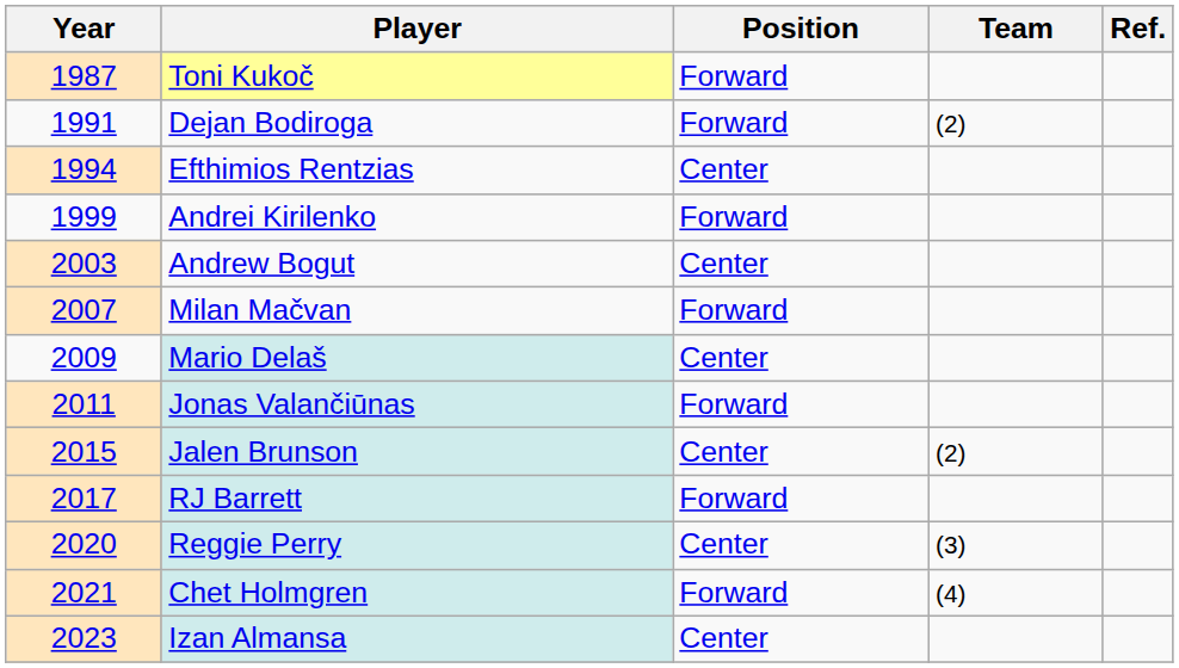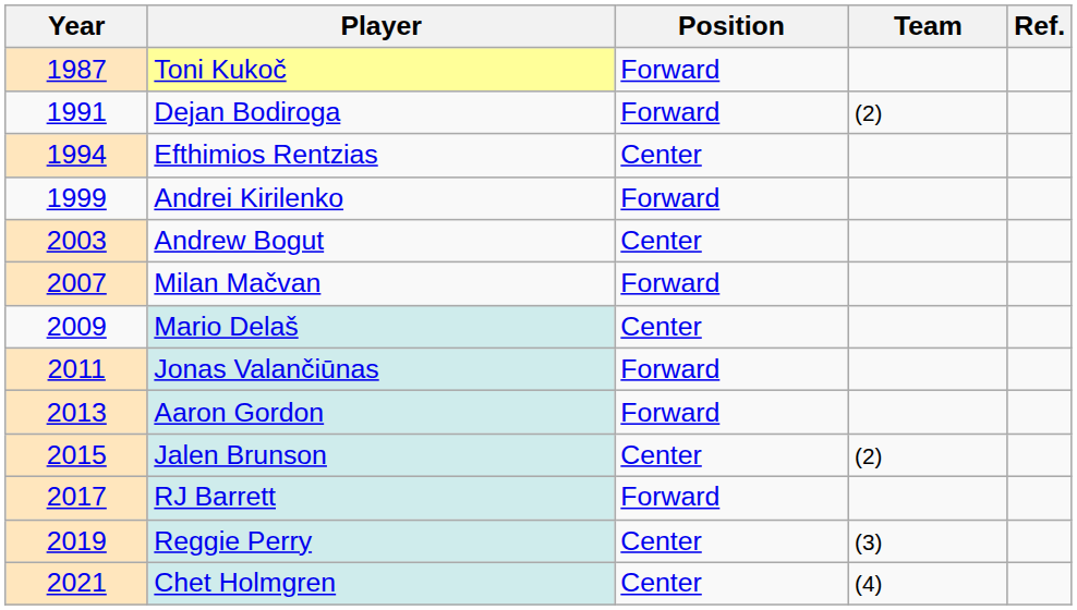 <table class="wikitable plainrowheaders sortable" style="width: 50%; text-align:left" summary="Season (sortable), Player (sortable), Position (sortable), Nationality (sortable) and Team (sortable)">
 <tr>
 <th scope="col">Year</th>
 <th scope="col">Player</th>
 <th scope="col">Position</th>
 <th scope="col">Team</th>
 <th width=5%>Ref.</th>
 </tr>
 <tr>
 <td scope="row" style="background-color:#FFE6BD; text-align: center"><a href='#'>1987</a></td>
 <td scope="row" style="background-color:#FFFF99"><a href='#'>Toni Kukoč</a></td>
 <td><a href='#'>Forward</a></td>
 <td align=left></td>
 <td></td>
 </tr>
 <tr>
 <td scope="row" style="text-align: center"><a href='#'>1991</a></td>
 <td align=left><a href='#'>Dejan Bodiroga</a></td>
 <td><a href='#'>Forward</a></td>
 <td align=left> <small>(2)</small></td>
 <td></td>
 </tr>
 <tr>
 <td scope="row" style="background-color:#FFE6BD; text-align: center"><a href='#'>1994</a></td>
 <td align=left><a href='#'>Efthimios Rentzias</a></td>
 <td><a href='#'>Center</a></td>
 <td align=left></td>
 <td></td>
 </tr>
 <tr>
 <td scope="row" style="text-align: center"><a href='#'>1999</a></td>
 <td align=left><a href='#'>Andrei Kirilenko</a></td>
 <td><a href='#'>Forward</a></td>
 <td align=left></td>
 <td></td>
 </tr>
 <tr>
 <td scope="row" style="background-color:#FFE6BD; text-align: center"><a href='#'>2003</a></td>
 <td align=left><a href='#'>Andrew Bogut</a></td>
 <td><a href='#'>Center</a></td>
 <td align=left></td>
 <td></td>
 </tr>
 <tr>
 <td scope="row" style="background-color:#FFE6BD; text-align: center"><a href='#'>2007</a></td>
 <td align=left><a href='#'>Milan Mačvan</a></td>
 <td><a href='#'>Forward</a></td>
 <td align=left></td>
 <td></td>
 </tr>
 <tr>
 <td scope="row" style="text-align: center"><a href='#'>2009</a></td>
 <td scope="row" style="background-color:#CFECEC"><a href='#'>Mario Delaš</a></td>
 <td><a href='#'>Center</a></td>
 <td align=left></td>
 <td></td>
 </tr>
 <tr>
 <td scope="row" style="background-color:#FFE6BD; text-align: center"><a href='#'>2011</a></td>
 <td scope="row" style="background-color:#CFECEC"><a href='#'>Jonas Valančiūnas</a></td>
 <td><a href='#'>Forward</a></td>
 <td align=left></td>
 <td></td>
 </tr>
 <tr>
+<td scope="row" style="background-color:#FFE6BD; text-align: center"><a href='#'>2013</a></td>
+<td scope="row" style="background-color:#CFECEC"><a href='#'>Aaron Gordon</a></td>
+<td><a href='#'>Forward</a></td>
+<td align=left></td>
+<td></td>
+</tr>
+<tr>
 <td scope="row" style="background-color:#FFE6BD; text-align: center"><a href='#'>2015</a></td>
 <td scope="row" style="background-color:#CFECEC"><a href='#'>Jalen Brunson</a></td>
 <td><a href='#'>Center</a></td>
 <td align=left> <small>(2)</small></td>
 <td></td>
 </tr>
 <tr>
 <td scope="row" style="background-color:#FFE6BD; text-align: center"><a href='#'>2017</a></td>
 <td scope="row" style="background-color:#CFECEC"><a href='#'>RJ Barrett</a></td>
 <td><a href='#'>Forward</a></td>
 <td align=left></td>
 <td></td>
 </tr>
 <tr>
-<td scope="row" style="background-color:#FFE6BD; text-align: center"><a href='#'>2020</a></td>
+<td scope="row" style="background-color:#FFE6BD; text-align: center"><a href='#'>2019</a></td>
 <td scope="row" style="background-color:#CFECEC"><a href='#'>Reggie Perry</a></td>
 <td><a href='#'>Center</a></td>
 <td align=left> <small>(3)</small></td>
 <td></td>
 </tr>
 <tr>
 <td scope="row" style="background-color:#FFE6BD; text-align: center"><a href='#'>2021</a></td>
 <td scope="row" style="background-color:#CFECEC"><a href='#'>Chet Holmgren</a></td>
-<td><a href='#'>Forward</a></td>
+<td><a href='#'>Center</a></td>
 <td align=left> <small>(4)</small></td>
 <td></td>
 </tr>
-<tr>
-<td scope="row" style="background-color:#FFE6BD; text-align: center"><a href='#'>2023</a></td>
-<td scope="row" style="background-color:#CFECEC"><a href='#'>Izan Almansa</a></td>
-<td><a href='#'>Center</a></td>
-<td align=left></td>
-<td></td>
-</tr>
 </table>
